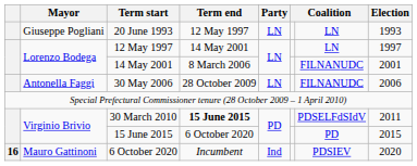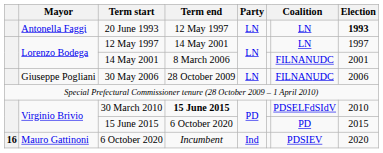 <table class="wikitable">
 <tr>
 <th class=unsortable> </th>
 <th>Mayor</th>
 <th>Term start</th>
 <th>Term end</th>
 <th>Party</th>
 <th colspan="2">Coalition</th>
 <th>Election</th>
 </tr>
 <tr>
 <th style="background:"></th>
-<td>Giuseppe Pogliani</td>
+<td><a href='#'>Antonella Faggi</a></td>
 <td align=center>20 June 1993</td>
 <td align=center>12 May 1997</td>
 <td align=center><a href='#'>LN</a></td>
 <td style="background: "></td>
 <td align=center><a href='#'>LN</a></td>
-<td align=center>1993</td>
+<td align=center><strong>1993</strong></td>
 </tr>
 <tr>
 <th rowspan=2 style="background:"></th>
 <td rowspan=2><a href='#'>Lorenzo Bodega</a></td>
 <td align=center>12 May 1997</td>
 <td align=center>14 May 2001</td>
 <td rowspan=2 align=center><a href='#'>LN</a></td>
 <td style="background: "></td>
 <td align=center><a href='#'>LN</a></td>
 <td align=center>1997</td>
 </tr>
 <tr>
 <td align=center>14 May 2001</td>
 <td align=center>8 March 2006</td>
 <td style="background: "></td>
 <td align=center><a href='#'>FI</a><a href='#'>LN</a><a href='#'>AN</a><a href='#'>UDC</a></td>
 <td align=center>2001</td>
 </tr>
 <tr>
 <th style="background:"></th>
-<td><a href='#'>Antonella Faggi</a></td>
+<td>Giuseppe Pogliani</td>
 <td align=center>30 May 2006</td>
 <td align=center>28 October 2009</td>
 <td align=center><a href='#'>LN</a></td>
 <td style="background: "></td>
 <td align=center><a href='#'>FI</a><a href='#'>LN</a><a href='#'>AN</a><a href='#'>UDC</a></td>
 <td align=center>2006</td>
 </tr>
 <tr>
 <td colspan=8 align=center><small><em>Special Prefectural Commissioner tenure (28 October 2009 – 1 April 2010)</em></small></td>
 </tr>
 <tr>
 <th rowspan=2 style="background:"></th>
 <td rowspan=2><a href='#'>Virginio Brivio</a></td>
 <td align=center>30 March 2010</td>
 <td align=center><strong>15 June 2015</strong></td>
 <td rowspan=2 align=center><a href='#'>PD</a></td>
 <td style="background: "></td>
 <td align=center><a href='#'>PD</a><a href='#'>SEL</a><a href='#'>FdS</a><a href='#'>IdV</a></td>
-<td align=center>2011</td>
+<td align=center>2010</td>
 </tr>
 <tr>
 <td align=center>15 June 2015</td>
 <td align=center>6 October 2020</td>
 <td style="background: "></td>
 <td align=center><a href='#'>PD</a></td>
 <td align=center>2015</td>
 </tr>
 <tr>
 <th style="background:">16</th>
 <td><a href='#'>Mauro Gattinoni</a></td>
 <td align=center>6 October 2020</td>
 <td align=center><em>Incumbent</em></td>
 <td align=center><a href='#'>Ind</a></td>
 <td style="background: "></td>
 <td align=center><a href='#'>PD</a><a href='#'>SI</a><a href='#'>EV</a></td>
 <td align=center>2020</td>
 </tr>
 </table>
